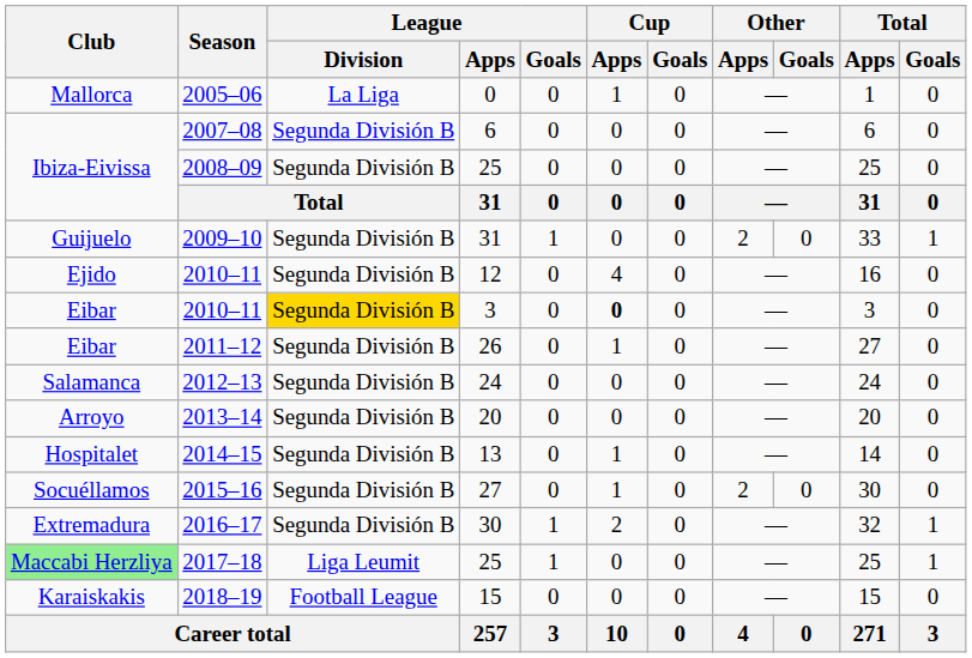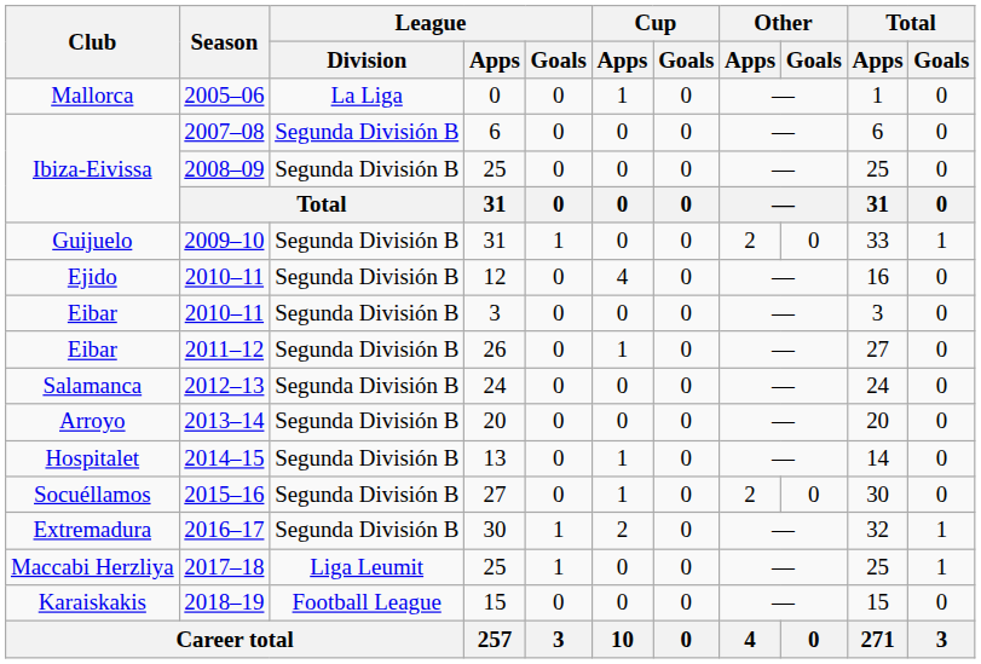 <table class="wikitable" style="text-align: center;">
 <tr>
 <th rowspan="2">Club</th>
 <th rowspan="2">Season</th>
 <th colspan="3">League</th>
 <th colspan="2">Cup</th>
 <th colspan="2">Other</th>
 <th colspan="2">Total</th>
 </tr>
 <tr>
 <th>Division</th>
 <th>Apps</th>
 <th>Goals</th>
 <th>Apps</th>
 <th>Goals</th>
 <th>Apps</th>
 <th>Goals</th>
 <th>Apps</th>
 <th>Goals</th>
 </tr>
 <tr>
 <td rowspan="1"><a href='#'>Mallorca</a></td>
 <td><a href='#'>2005–06</a></td>
 <td><a href='#'>La Liga</a></td>
 <td>0</td>
 <td>0</td>
 <td>1</td>
 <td>0</td>
 <td colspan="2">—</td>
 <td>1</td>
 <td>0</td>
 </tr>
 <tr>
 <td rowspan="3"><a href='#'>Ibiza-Eivissa</a></td>
 <td><a href='#'>2007–08</a></td>
 <td><a href='#'>Segunda División B</a></td>
 <td>6</td>
 <td>0</td>
 <td>0</td>
 <td>0</td>
 <td colspan="2">—</td>
 <td>6</td>
 <td>0</td>
 </tr>
 <tr>
 <td><a href='#'>2008–09</a></td>
 <td>Segunda División B</td>
 <td>25</td>
 <td>0</td>
 <td>0</td>
 <td>0</td>
 <td colspan="2">—</td>
 <td>25</td>
 <td>0</td>
 </tr>
 <tr>
 <th colspan="2">Total</th>
 <th>31</th>
 <th>0</th>
 <th>0</th>
 <th>0</th>
 <th colspan="2">—</th>
 <th>31</th>
 <th>0</th>
 </tr>
 <tr>
 <td><a href='#'>Guijuelo</a></td>
 <td><a href='#'>2009–10</a></td>
 <td>Segunda División B</td>
 <td>31</td>
 <td>1</td>
 <td>0</td>
 <td>0</td>
 <td>2</td>
 <td>0</td>
 <td>33</td>
 <td>1</td>
 </tr>
 <tr>
 <td rowspan="1"><a href='#'>Ejido</a></td>
 <td><a href='#'>2010–11</a></td>
 <td>Segunda División B</td>
 <td>12</td>
 <td>0</td>
 <td>4</td>
 <td>0</td>
 <td colspan="2">—</td>
 <td>16</td>
 <td>0</td>
 </tr>
 <tr>
 <td><a href='#'>Eibar</a></td>
 <td><a href='#'>2010–11</a></td>
-<td style="background: gold;">Segunda División B</td>
+<td>Segunda División B</td>
 <td>3</td>
 <td>0</td>
-<td><strong>0</strong></td>
+<td>0</td>
 <td>0</td>
 <td colspan="2">—</td>
 <td>3</td>
 <td>0</td>
 </tr>
 <tr>
 <td><a href='#'>Eibar</a></td>
 <td><a href='#'>2011–12</a></td>
 <td>Segunda División B</td>
 <td>26</td>
 <td>0</td>
 <td>1</td>
 <td>0</td>
 <td colspan="2">—</td>
 <td>27</td>
 <td>0</td>
 </tr>
 <tr>
 <td><a href='#'>Salamanca</a></td>
 <td><a href='#'>2012–13</a></td>
 <td>Segunda División B</td>
 <td>24</td>
 <td>0</td>
 <td>0</td>
 <td>0</td>
 <td colspan="2">—</td>
 <td>24</td>
 <td>0</td>
 </tr>
 <tr>
 <td><a href='#'>Arroyo</a></td>
 <td><a href='#'>2013–14</a></td>
 <td>Segunda División B</td>
 <td>20</td>
 <td>0</td>
 <td>0</td>
 <td>0</td>
 <td colspan="2">—</td>
 <td>20</td>
 <td>0</td>
 </tr>
 <tr>
 <td><a href='#'>Hospitalet</a></td>
 <td><a href='#'>2014–15</a></td>
 <td>Segunda División B</td>
 <td>13</td>
 <td>0</td>
 <td>1</td>
 <td>0</td>
 <td colspan="2">—</td>
 <td>14</td>
 <td>0</td>
 </tr>
 <tr>
 <td><a href='#'>Socuéllamos</a></td>
 <td><a href='#'>2015–16</a></td>
 <td>Segunda División B</td>
 <td>27</td>
 <td>0</td>
 <td>1</td>
 <td>0</td>
 <td>2</td>
 <td>0</td>
 <td>30</td>
 <td>0</td>
 </tr>
 <tr>
 <td><a href='#'>Extremadura</a></td>
 <td><a href='#'>2016–17</a></td>
 <td>Segunda División B</td>
 <td>30</td>
 <td>1</td>
 <td>2</td>
 <td>0</td>
 <td colspan="2">—</td>
 <td>32</td>
 <td>1</td>
 </tr>
 <tr>
-<td rowspan="1" style="background: lightgreen;"><a href='#'>Maccabi Herzliya</a></td>
+<td rowspan="1"><a href='#'>Maccabi Herzliya</a></td>
 <td><a href='#'>2017–18</a></td>
 <td><a href='#'>Liga Leumit</a></td>
 <td>25</td>
 <td>1</td>
 <td>0</td>
 <td>0</td>
 <td colspan="2">—</td>
 <td>25</td>
 <td>1</td>
 </tr>
 <tr>
 <td rowspan="1"><a href='#'>Karaiskakis</a></td>
 <td><a href='#'>2018–19</a></td>
 <td><a href='#'>Football League</a></td>
 <td>15</td>
 <td>0</td>
 <td>0</td>
 <td>0</td>
 <td colspan="2">—</td>
 <td>15</td>
 <td>0</td>
 </tr>
 <tr>
 <th colspan="3">Career total</th>
 <th>257</th>
 <th>3</th>
 <th>10</th>
 <th>0</th>
 <th>4</th>
 <th>0</th>
 <th>271</th>
 <th>3</th>
 </tr>
 </table>
